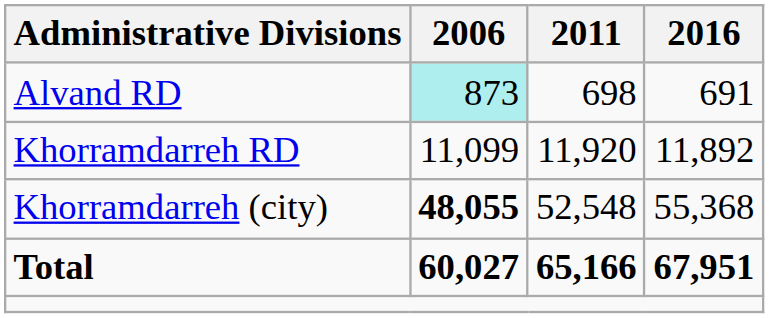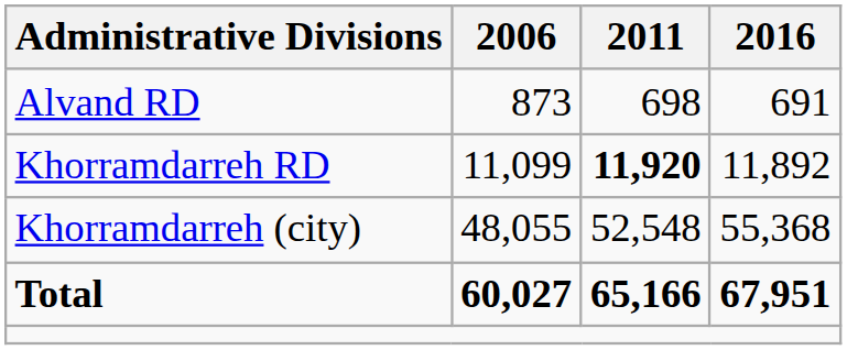 <table class="wikitable">
 <tr>
 <th>Administrative Divisions</th>
 <th>2006</th>
 <th>2011</th>
 <th>2016</th>
 </tr>
 <tr>
 <td><a href='#'>Alvand RD</a></td>
-<td style="background: paleturquoise; text-align: right;">873</td>
+<td style="text-align: right;">873</td>
 <td style="text-align: right;">698</td>
 <td style="text-align: right;">691</td>
 </tr>
 <tr>
 <td><a href='#'>Khorramdarreh RD</a></td>
 <td style="text-align: right;">11,099</td>
-<td style="text-align: right;">11,920</td>
+<td style="text-align: right;"><strong>11,920</strong></td>
 <td style="text-align: right;">11,892</td>
 </tr>
 <tr>
 <td><a href='#'>Khorramdarreh</a> (city)</td>
-<td style="text-align: right;"><strong>48,055</strong></td>
+<td style="text-align: right;">48,055</td>
 <td style="text-align: right;">52,548</td>
 <td style="text-align: right;">55,368</td>
 </tr>
 <tr>
 <td><strong>Total</strong></td>
 <td style="text-align: right;"><strong>60,027</strong></td>
 <td style="text-align: right;"><strong>65,166</strong></td>
 <td style="text-align: right;"><strong>67,951</strong></td>
 </tr>
 <tr>
 <td colspan=4></td>
 </tr>
 </table>
